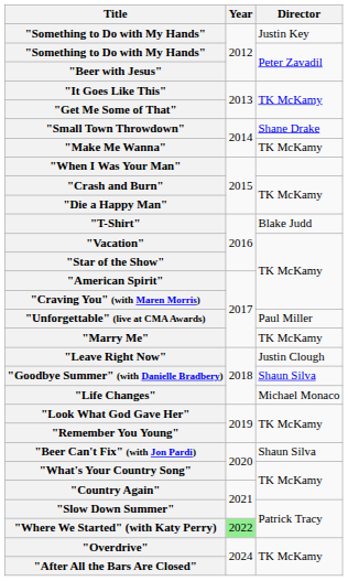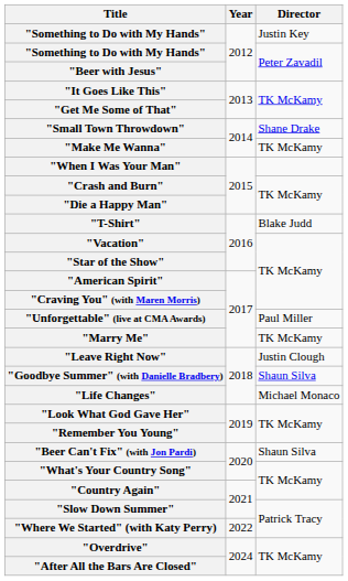 <table class="wikitable plainrowheaders">
 <tr>
 <th scope="col">Title</th>
 <th scope="col">Year</th>
 <th scope="col">Director</th>
 </tr>
 <tr>
 <th scope="row">"Something to Do with My Hands"</th>
 <td rowspan="3">2012</td>
 <td>Justin Key</td>
 </tr>
 <tr>
 <th scope="row">"Something to Do with My Hands" </th>
 <td rowspan="2"><a href='#'>Peter Zavadil</a></td>
 </tr>
 <tr>
 <th scope="row">"Beer with Jesus"</th>
 </tr>
 <tr>
 <th scope="row">"It Goes Like This"</th>
 <td rowspan="2">2013</td>
 <td rowspan="2"><a href='#'>TK McKamy</a></td>
 </tr>
 <tr>
 <th scope="row">"Get Me Some of That"</th>
 </tr>
 <tr>
 <th scope="row">"Small Town Throwdown"<br></th>
 <td rowspan="2">2014</td>
 <td><a href='#'>Shane Drake</a></td>
 </tr>
 <tr>
 <th scope="row">"Make Me Wanna"</th>
 <td>TK McKamy</td>
 </tr>
 <tr>
 <th scope="row">"When I Was Your Man"</th>
 <td rowspan="3">2015</td>
 <td></td>
 </tr>
 <tr>
 <th scope="row">"Crash and Burn"</th>
 <td rowspan="2">TK McKamy</td>
 </tr>
 <tr>
 <th scope="row">"Die a Happy Man"</th>
 </tr>
 <tr>
 <th scope="row">"T-Shirt"</th>
 <td rowspan="3">2016</td>
 <td>Blake Judd</td>
 </tr>
 <tr>
 <th scope="row">"Vacation"</th>
 <td rowspan="4">TK McKamy</td>
 </tr>
 <tr>
 <th scope="row">"Star of the Show"</th>
 </tr>
 <tr>
 <th scope="row">"American Spirit"</th>
 <td rowspan="4">2017</td>
 </tr>
 <tr>
 <th scope="row">"Craving You" <small>(with <a href='#'>Maren Morris</a>)</small></th>
 </tr>
 <tr>
 <th scope="row">"Unforgettable" <small>(live at CMA Awards)</small></th>
 <td>Paul Miller</td>
 </tr>
 <tr>
 <th scope="row">"Marry Me"</th>
 <td>TK McKamy</td>
 </tr>
 <tr>
 <th scope="row">"Leave Right Now"</th>
 <td rowspan="3">2018</td>
 <td>Justin Clough</td>
 </tr>
 <tr>
 <th scope="row">"Goodbye Summer" <small>(with <a href='#'>Danielle Bradbery</a>)</small></th>
 <td><a href='#'>Shaun Silva</a></td>
 </tr>
 <tr>
 <th scope="row">"Life Changes"</th>
 <td>Michael Monaco</td>
 </tr>
 <tr>
 <th scope="row">"Look What God Gave Her"</th>
 <td rowspan="2">2019</td>
 <td rowspan="2">TK McKamy</td>
 </tr>
 <tr>
 <th scope="row">"Remember You Young"</th>
 </tr>
 <tr>
 <th scope="row">"Beer Can't Fix" <small>(with <a href='#'>Jon Pardi</a>)</small></th>
 <td rowspan="2">2020</td>
 <td>Shaun Silva</td>
 </tr>
 <tr>
 <th scope="row">"What's Your Country Song"</th>
 <td rowspan="2">TK McKamy</td>
 </tr>
 <tr>
 <th scope="row">"Country Again"</th>
 <td rowspan="2">2021</td>
 </tr>
 <tr>
 <th scope="row">"Slow Down Summer"</th>
 <td rowspan="2">Patrick Tracy</td>
 </tr>
 <tr>
 <th scope="row">"Where We Started" (with Katy Perry)</th>
-<td rowspan="1" style="background: lightgreen;">2022</td>
+<td rowspan="1">2022</td>
 </tr>
 <tr>
 <th scope="row">"Overdrive"</th>
 <td rowspan="2">2024</td>
 <td rowspan="2">TK McKamy</td>
 </tr>
 <tr>
 <th scope="row">"After All the Bars Are Closed"</th>
 </tr>
 </table>
